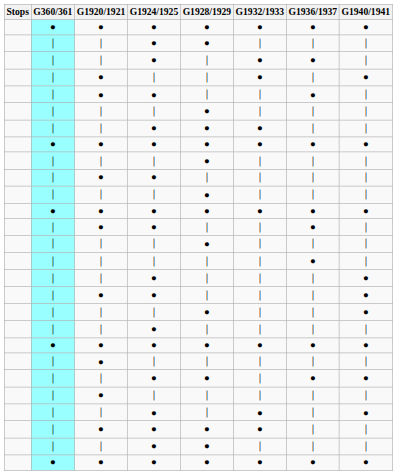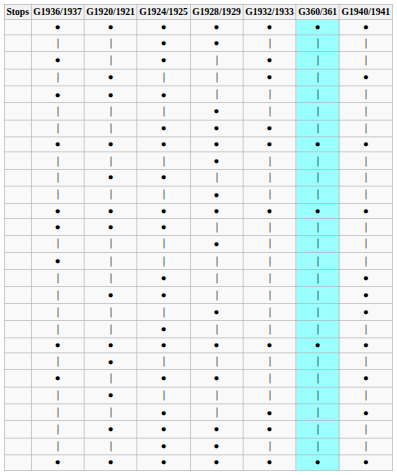 <table class="wikitable" style="text-align: center">
 <tr>
 <th>Stops</th>
-<th>G360/361</th>
+<th>G1936/1937</th>
 <th>G1920/1921</th>
 <th>G1924/1925</th>
 <th>G1928/1929</th>
 <th>G1932/1933</th>
-<th>G1936/1937</th>
+<th>G360/361</th>
 <th>G1940/1941</th>
 </tr>
 <tr>
 <td></td>
-<td style="background:#99FFFF">●</td>
 <td>●</td>
 <td>●</td>
 <td>●</td>
 <td>●</td>
 <td>●</td>
+<td style="background:#99FFFF">●</td>
 <td>●</td>
 </tr>
 <tr>
 <td></td>
+<td>｜</td>
+<td>｜</td>
+<td>●</td>
+<td>●</td>
+<td>｜</td>
 <td style="background:#99FFFF">｜</td>
+<td>｜</td>
+</tr>
+<tr>
+<td></td>
+<td>●</td>
+<td>｜</td>
+<td>●</td>
+<td>｜</td>
+<td>●</td>
+<td style="background:#99FFFF">｜</td>
+<td>｜</td>
+</tr>
+<tr>
+<td></td>
+<td>｜</td>
+<td>●</td>
+<td>｜</td>
+<td>｜</td>
+<td>●</td>
+<td style="background:#99FFFF">｜</td>
+<td>●</td>
+</tr>
+<tr>
+<td></td>
+<td>●</td>
+<td>●</td>
+<td>●</td>
+<td>｜</td>
+<td>｜</td>
+<td style="background:#99FFFF">｜</td>
+<td>｜</td>
+</tr>
+<tr>
+<td></td>
+<td>｜</td>
+<td>｜</td>
+<td>｜</td>
+<td>●</td>
+<td>｜</td>
+<td style="background:#99FFFF">｜</td>
+<td>｜</td>
+</tr>
+<tr>
+<td></td>
+<td>｜</td>
+<td>｜</td>
+<td>●</td>
+<td>●</td>
+<td>●</td>
+<td style="background:#99FFFF">｜</td>
+<td>｜</td>
+</tr>
+<tr>
+<td></td>
+<td>●</td>
+<td>●</td>
+<td>●</td>
+<td>●</td>
+<td>●</td>
+<td style="background:#99FFFF">●</td>
+<td>●</td>
+</tr>
+<tr>
+<td></td>
+<td>｜</td>
+<td>｜</td>
+<td>｜</td>
+<td>●</td>
+<td>｜</td>
+<td style="background:#99FFFF">｜</td>
+<td>｜</td>
+</tr>
+<tr>
+<td></td>
 <td>｜</td>
 <td>●</td>
 <td>●</td>
 <td>｜</td>
 <td>｜</td>
+<td style="background:#99FFFF">｜</td>
 <td>｜</td>
 </tr>
 <tr>
 <td></td>
+<td>｜</td>
+<td>｜</td>
+<td>｜</td>
+<td>●</td>
+<td>｜</td>
 <td style="background:#99FFFF">｜</td>
 <td>｜</td>
+</tr>
+<tr>
+<td></td>
+<td>●</td>
+<td>●</td>
+<td>●</td>
+<td>●</td>
+<td>●</td>
+<td style="background:#99FFFF">●</td>
+<td>●</td>
+</tr>
+<tr>
+<td></td>
+<td>●</td>
+<td>●</td>
+<td>●</td>
+<td>｜</td>
+<td>｜</td>
+<td style="background:#99FFFF">｜</td>
+<td>｜</td>
+</tr>
+<tr>
+<td></td>
+<td>｜</td>
+<td>｜</td>
+<td>｜</td>
+<td>●</td>
+<td>｜</td>
+<td style="background:#99FFFF">｜</td>
+<td>｜</td>
+</tr>
+<tr>
+<td></td>
+<td>●</td>
+<td>｜</td>
+<td>｜</td>
+<td>｜</td>
+<td>｜</td>
+<td style="background:#99FFFF">｜</td>
+<td>｜</td>
+</tr>
+<tr>
+<td></td>
+<td>｜</td>
+<td>｜</td>
+<td>●</td>
+<td>｜</td>
+<td>｜</td>
+<td style="background:#99FFFF">｜</td>
+<td>●</td>
+</tr>
+<tr>
+<td></td>
+<td>｜</td>
+<td>●</td>
+<td>●</td>
+<td>｜</td>
+<td>｜</td>
+<td style="background:#99FFFF">｜</td>
+<td>●</td>
+</tr>
+<tr>
+<td></td>
+<td>｜</td>
+<td>｜</td>
+<td>｜</td>
+<td>●</td>
+<td>｜</td>
+<td style="background:#99FFFF">｜</td>
+<td>●</td>
+</tr>
+<tr>
+<td></td>
+<td>｜</td>
+<td>｜</td>
+<td>●</td>
+<td>｜</td>
+<td>｜</td>
+<td style="background:#99FFFF">｜</td>
+<td>｜</td>
+</tr>
+<tr>
+<td></td>
+<td>●</td>
+<td>●</td>
+<td>●</td>
+<td>●</td>
+<td>●</td>
+<td style="background:#99FFFF">●</td>
+<td>●</td>
+</tr>
+<tr>
+<td></td>
+<td>｜</td>
+<td>●</td>
+<td>｜</td>
+<td>｜</td>
+<td>｜</td>
+<td style="background:#99FFFF">｜</td>
+<td>｜</td>
+</tr>
+<tr>
+<td></td>
 <td>●</td>
 <td>｜</td>
 <td>●</td>
 <td>●</td>
 <td>｜</td>
+<td style="background:#99FFFF">｜</td>
+<td>●</td>
 </tr>
 <tr>
 <td></td>
+<td>｜</td>
+<td>●</td>
+<td>｜</td>
+<td>｜</td>
+<td>｜</td>
 <td style="background:#99FFFF">｜</td>
-<td>●</td>
+<td>｜</td>
+</tr>
+<tr>
+<td></td>
 <td>｜</td>
 <td>｜</td>
 <td>●</td>
 <td>｜</td>
 <td>●</td>
+<td style="background:#99FFFF">｜</td>
+<td>●</td>
 </tr>
 <tr>
 <td></td>
-<td style="background:#99FFFF">｜</td>
+<td>｜</td>
 <td>●</td>
 <td>●</td>
-<td>｜</td>
-<td>｜</td>
 <td>●</td>
+<td>●</td>
+<td style="background:#99FFFF">｜</td>
 <td>｜</td>
 </tr>
 <tr>
 <td></td>
-<td style="background:#99FFFF">｜</td>
 <td>｜</td>
 <td>｜</td>
 <td>●</td>
+<td>●</td>
 <td>｜</td>
-<td>｜</td>
+<td style="background:#99FFFF">｜</td>
 <td>｜</td>
 </tr>
 <tr>
 <td></td>
-<td style="background:#99FFFF">｜</td>
-<td>｜</td>
-<td>●</td>
-<td>●</td>
-<td>●</td>
-<td>｜</td>
-<td>｜</td>
-</tr>
-<tr>
-<td></td>
-<td style="background:#99FFFF">●</td>
 <td>●</td>
 <td>●</td>
 <td>●</td>
 <td>●</td>
 <td>●</td>
-<td>●</td>
-</tr>
-<tr>
-<td></td>
-<td style="background:#99FFFF">｜</td>
-<td>｜</td>
-<td>｜</td>
-<td>●</td>
-<td>｜</td>
-<td>｜</td>
-<td>｜</td>
-</tr>
-<tr>
-<td></td>
-<td style="background:#99FFFF">｜</td>
-<td>●</td>
-<td>●</td>
-<td>｜</td>
-<td>｜</td>
-<td>｜</td>
-<td>｜</td>
-</tr>
-<tr>
-<td></td>
-<td style="background:#99FFFF">｜</td>
-<td>｜</td>
-<td>｜</td>
-<td>●</td>
-<td>｜</td>
-<td>｜</td>
-<td>｜</td>
-</tr>
-<tr>
-<td></td>
 <td style="background:#99FFFF">●</td>
-<td>●</td>
-<td>●</td>
-<td>●</td>
-<td>●</td>
-<td>●</td>
-<td>●</td>
-</tr>
-<tr>
-<td></td>
-<td style="background:#99FFFF">｜</td>
-<td>●</td>
-<td>●</td>
-<td>｜</td>
-<td>｜</td>
-<td>●</td>
-<td>｜</td>
-</tr>
-<tr>
-<td></td>
-<td style="background:#99FFFF">｜</td>
-<td>｜</td>
-<td>｜</td>
-<td>●</td>
-<td>｜</td>
-<td>｜</td>
-<td>｜</td>
-</tr>
-<tr>
-<td></td>
-<td style="background:#99FFFF">｜</td>
-<td>｜</td>
-<td>｜</td>
-<td>｜</td>
-<td>｜</td>
-<td>●</td>
-<td>｜</td>
-</tr>
-<tr>
-<td></td>
-<td style="background:#99FFFF">｜</td>
-<td>｜</td>
-<td>●</td>
-<td>｜</td>
-<td>｜</td>
-<td>｜</td>
-<td>●</td>
-</tr>
-<tr>
-<td></td>
-<td style="background:#99FFFF">｜</td>
-<td>●</td>
-<td>●</td>
-<td>｜</td>
-<td>｜</td>
-<td>｜</td>
-<td>●</td>
-</tr>
-<tr>
-<td></td>
-<td style="background:#99FFFF">｜</td>
-<td>｜</td>
-<td>｜</td>
-<td>●</td>
-<td>｜</td>
-<td>｜</td>
-<td>●</td>
-</tr>
-<tr>
-<td></td>
-<td style="background:#99FFFF">｜</td>
-<td>｜</td>
-<td>●</td>
-<td>｜</td>
-<td>｜</td>
-<td>｜</td>
-<td>｜</td>
-</tr>
-<tr>
-<td></td>
-<td style="background:#99FFFF">●</td>
-<td>●</td>
-<td>●</td>
-<td>●</td>
-<td>●</td>
-<td>●</td>
-<td>●</td>
-</tr>
-<tr>
-<td></td>
-<td style="background:#99FFFF">｜</td>
-<td>●</td>
-<td>｜</td>
-<td>｜</td>
-<td>｜</td>
-<td>｜</td>
-<td>｜</td>
-</tr>
-<tr>
-<td></td>
-<td style="background:#99FFFF">｜</td>
-<td>｜</td>
-<td>●</td>
-<td>●</td>
-<td>｜</td>
-<td>●</td>
-<td>●</td>
-</tr>
-<tr>
-<td></td>
-<td style="background:#99FFFF">｜</td>
-<td>●</td>
-<td>｜</td>
-<td>｜</td>
-<td>｜</td>
-<td>｜</td>
-<td>｜</td>
-</tr>
-<tr>
-<td></td>
-<td style="background:#99FFFF">｜</td>
-<td>｜</td>
-<td>●</td>
-<td>｜</td>
-<td>●</td>
-<td>｜</td>
-<td>●</td>
-</tr>
-<tr>
-<td></td>
-<td style="background:#99FFFF">｜</td>
-<td>●</td>
-<td>●</td>
-<td>●</td>
-<td>●</td>
-<td>｜</td>
-<td>｜</td>
-</tr>
-<tr>
-<td></td>
-<td style="background:#99FFFF">｜</td>
-<td>｜</td>
-<td>●</td>
-<td>●</td>
-<td>｜</td>
-<td>｜</td>
-<td>｜</td>
-</tr>
-<tr>
-<td></td>
-<td style="background:#99FFFF">●</td>
-<td>●</td>
-<td>●</td>
-<td>●</td>
-<td>●</td>
-<td>●</td>
 <td>●</td>
 </tr>
 </table>
